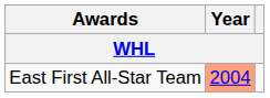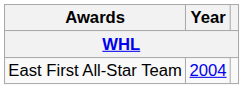 <table class="wikitable">
 <tr>
 <th>Awards</th>
 <th>Year</th>
 <th></th>
 </tr>
 <tr ALIGN="center" bgcolor="#e0e0e0">
 <th colspan="3"><a href='#'>WHL</a></th>
 </tr>
 <tr>
 <td>East First All-Star Team</td>
-<td style="background: lightsalmon;"><a href='#'>2004</a></td>
+<td><a href='#'>2004</a></td>
 <td></td>
 </tr>
 </table>
